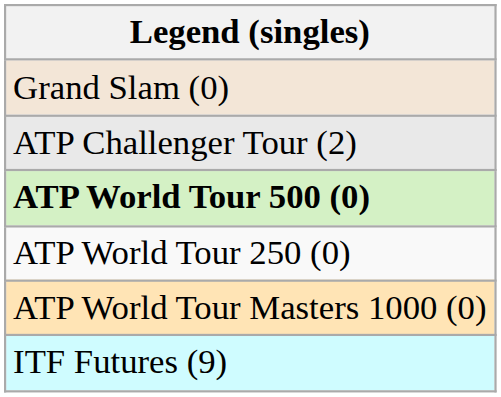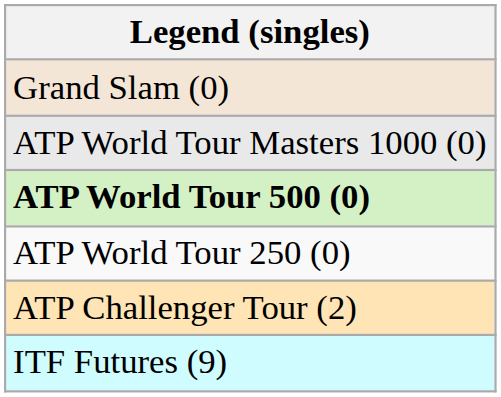 <table class="wikitable">
 <tr>
 <th>Legend (singles)</th>
 </tr>
 <tr style="background:#f3e6d7;">
 <td>Grand Slam (0)</td>
 </tr>
 <tr style="background:#e9e9e9;">
-<td>ATP Challenger Tour (2)</td>
+<td>ATP World Tour Masters 1000 (0)</td>
 </tr>
 <tr style="background:#d4f1c5;">
 <td><strong>ATP World Tour 500 (0)</strong></td>
 </tr>
 <tr>
 <td>ATP World Tour 250 (0)</td>
 </tr>
 <tr bgcolor="moccasin">
-<td>ATP World Tour Masters 1000 (0)</td>
+<td>ATP Challenger Tour (2)</td>
 </tr>
 <tr bgcolor="CFFCFF">
 <td>ITF Futures (9)</td>
 </tr>
 </table>
